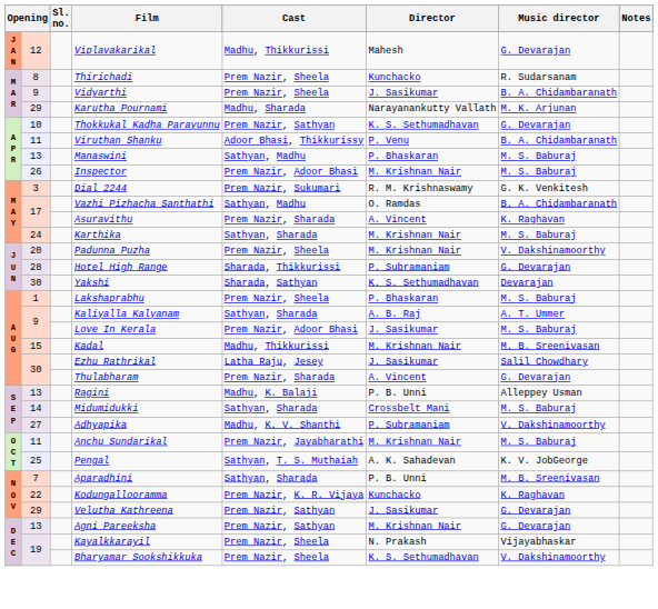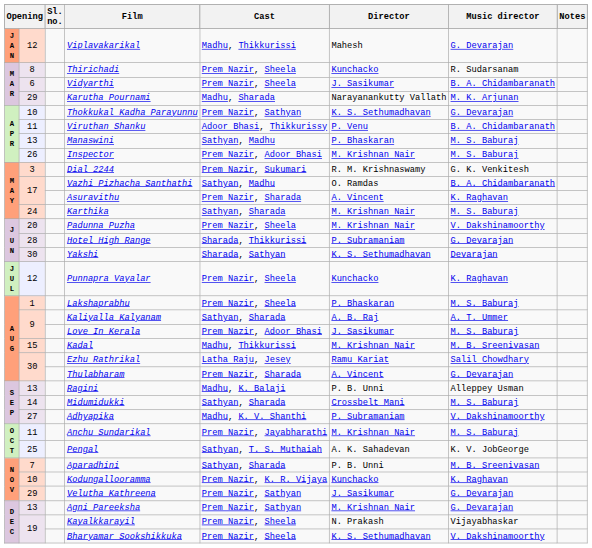 <table class="wikitable">
 <tr style="background:#000;">
 <th colspan='2'>Opening</th>
 <th>Sl.<br>no.</th>
 <th>Film</th>
 <th>Cast</th>
 <th>Director</th>
 <th>Music director</th>
 <th>Notes</th>
 </tr>
 <tr>
 <td rowspan="1" style="text-align:center; background:#ffa07a; textcolor:#000;"><small><strong>J<br>A<br>N</strong></small></td>
 <td rowspan="1"  style="text-align:center; background:#ffdacc; textcolor:#000;">12</td>
 <td valign="center"></td>
 <td><em><a href='#'>Viplavakarikal</a></em></td>
 <td><a href='#'>Madhu</a>, <a href='#'>Thikkurissi</a></td>
 <td>Mahesh</td>
 <td><a href='#'>G. Devarajan</a></td>
 <td></td>
 </tr>
 <tr>
 <td rowspan="3" style="text-align:center; background:#dcc7df; textcolor:#000;"><small><strong>M<br>A<br>R</strong></small></td>
 <td rowspan="1"  style="text-align:center; background:#ede3ef; textcolor:#000;">8</td>
 <td valign="center"></td>
 <td><em><a href='#'>Thirichadi</a></em></td>
 <td><a href='#'>Prem Nazir</a>, <a href='#'>Sheela</a></td>
 <td><a href='#'>Kunchacko</a></td>
 <td>R. Sudarsanam</td>
 <td></td>
 </tr>
 <tr>
-<td rowspan="1"  style="text-align:center; background:#ede3ef; textcolor:#000;">9</td>
+<td rowspan="1"  style="text-align:center; background:#ede3ef; textcolor:#000;">6</td>
 <td valign="center"></td>
 <td><em><a href='#'>Vidyarthi</a></em></td>
 <td><a href='#'>Prem Nazir</a>, <a href='#'>Sheela</a></td>
 <td><a href='#'>J. Sasikumar</a></td>
 <td><a href='#'>B. A. Chidambaranath</a></td>
 <td></td>
 </tr>
 <tr>
 <td rowspan="1"  style="text-align:center; background:#ede3ef; textcolor:#000;">29</td>
 <td valign="center"></td>
 <td><em><a href='#'>Karutha Pournami</a></em></td>
 <td><a href='#'>Madhu</a>, <a href='#'>Sharada</a></td>
 <td>Narayanankutty Vallath</td>
 <td><a href='#'>M. K. Arjunan</a></td>
 <td></td>
 </tr>
 <tr>
 <td rowspan="4" style="text-align:center; background:#d0f0c0; textcolor:#000;"><small><strong>A<br>P<br>R</strong></small></td>
 <td rowspan="1"  style="text-align:center; background:#edefff; textcolor:#000;">10</td>
 <td valign="center"></td>
 <td><em><a href='#'>Thokkukal Kadha Parayunnu</a></em></td>
 <td><a href='#'>Prem Nazir</a>, <a href='#'>Sathyan</a></td>
 <td><a href='#'>K. S. Sethumadhavan</a></td>
 <td><a href='#'>G. Devarajan</a></td>
 <td></td>
 </tr>
 <tr>
 <td rowspan="1"  style="text-align:center; background:#edefff; textcolor:#000;">11</td>
 <td valign="center"></td>
 <td><em><a href='#'>Viruthan Shanku</a></em></td>
 <td><a href='#'>Adoor Bhasi</a>, <a href='#'>Thikkurissy</a></td>
 <td><a href='#'>P. Venu</a></td>
 <td><a href='#'>B. A. Chidambaranath</a></td>
 <td></td>
 </tr>
 <tr>
 <td rowspan="1"  style="text-align:center; background:#edefff; textcolor:#000;">13</td>
 <td valign="center"></td>
 <td><em><a href='#'>Manaswini</a></em></td>
 <td><a href='#'>Sathyan</a>, <a href='#'>Madhu</a></td>
 <td><a href='#'>P. Bhaskaran</a></td>
 <td><a href='#'>M. S. Baburaj</a></td>
 <td></td>
 </tr>
 <tr>
 <td rowspan="1"  style="text-align:center; background:#edefff; textcolor:#000;">26</td>
 <td valign="center"></td>
 <td><em><a href='#'>Inspector</a></em></td>
 <td><a href='#'>Prem Nazir</a>, <a href='#'>Adoor Bhasi</a></td>
 <td><a href='#'>M. Krishnan Nair</a></td>
 <td><a href='#'>M. S. Baburaj</a></td>
 <td></td>
 </tr>
 <tr>
 <td rowspan="4" style="text-align:center; background:#ffa07a; textcolor:#000;"><small><strong>M<br>A<br>Y</strong></small></td>
 <td rowspan="1"  style="text-align:center; background:#ffdacc; textcolor:#000;">3</td>
 <td valign="center"></td>
 <td><em><a href='#'>Dial 2244</a></em></td>
 <td><a href='#'>Prem Nazir</a>, <a href='#'>Sukumari</a></td>
 <td>R. M. Krishnaswamy</td>
 <td>G. K. Venkitesh</td>
 <td></td>
 </tr>
 <tr>
 <td rowspan="2"  style="text-align:center; background:#ffdacc; textcolor:#000;">17</td>
 <td valign="center"></td>
 <td><em><a href='#'>Vazhi Pizhacha Santhathi</a></em></td>
 <td><a href='#'>Sathyan</a>, <a href='#'>Madhu</a></td>
 <td>O. Ramdas</td>
 <td><a href='#'>B. A. Chidambaranath</a></td>
 <td></td>
 </tr>
 <tr>
 <td valign="center"></td>
 <td><em><a href='#'>Asuravithu</a></em></td>
 <td><a href='#'>Prem Nazir</a>, <a href='#'>Sharada</a></td>
 <td><a href='#'>A. Vincent</a></td>
 <td><a href='#'>K. Raghavan</a></td>
 <td></td>
 </tr>
 <tr>
 <td rowspan="1"  style="text-align:center; background:#ffdacc; textcolor:#000;">24</td>
 <td valign="center"></td>
 <td><em><a href='#'>Karthika</a></em></td>
 <td><a href='#'>Sathyan</a>, <a href='#'>Sharada</a></td>
 <td><a href='#'>M. Krishnan Nair</a></td>
 <td><a href='#'>M. S. Baburaj</a></td>
 <td></td>
 </tr>
 <tr>
 <td rowspan="3" style="text-align:center; background:#dcc7df; textcolor:#000;"><small><strong>J<br>U<br>N</strong></small></td>
 <td rowspan="1"  style="text-align:center; background:#ede3ef; textcolor:#000;">20</td>
 <td valign="center"></td>
 <td><em><a href='#'>Padunna Puzha</a></em></td>
 <td><a href='#'>Prem Nazir</a>, <a href='#'>Sheela</a></td>
 <td><a href='#'>M. Krishnan Nair</a></td>
 <td><a href='#'>V. Dakshinamoorthy</a></td>
 <td></td>
 </tr>
 <tr>
 <td rowspan="1"  style="text-align:center; background:#ede3ef; textcolor:#000;">28</td>
 <td valign="center"></td>
 <td><em><a href='#'>Hotel High Range</a></em></td>
 <td><a href='#'>Sharada</a>, <a href='#'>Thikkurissi</a></td>
 <td><a href='#'>P. Subramaniam</a></td>
 <td><a href='#'>G. Devarajan</a></td>
 <td></td>
 </tr>
 <tr>
 <td rowspan="1"  style="text-align:center; background:#ede3ef; textcolor:#000;">30</td>
 <td valign="center"></td>
 <td><em><a href='#'>Yakshi</a></em></td>
 <td><a href='#'>Sharada</a>, <a href='#'>Sathyan</a></td>
 <td><a href='#'>K. S. Sethumadhavan</a></td>
 <td><a href='#'>Devarajan</a></td>
 <td></td>
 </tr>
 <tr>
+<td rowspan="1" style="text-align:center; background:#d0f0c0; textcolor:#000;"><small><strong>J<br>U<br>L</strong></small></td>
+<td rowspan="1"  style="text-align:center; background:#edefff; textcolor:#000;">12</td>
+<td valign="center"></td>
+<td><em><a href='#'>Punnapra Vayalar</a></em></td>
+<td><a href='#'>Prem Nazir</a>, <a href='#'>Sheela</a></td>
+<td><a href='#'>Kunchacko</a></td>
+<td><a href='#'>K. Raghavan</a></td>
+<td></td>
+</tr>
+<tr>
 <td rowspan="6" style="text-align:center; background:#ffa07a; textcolor:#000;"><small><strong>A<br>U<br>G</strong></small></td>
 <td rowspan="1"  style="text-align:center; background:#ffdacc; textcolor:#000;">1</td>
 <td valign="center"></td>
 <td><em><a href='#'>Lakshaprabhu</a></em></td>
 <td><a href='#'>Prem Nazir</a>, <a href='#'>Sheela</a></td>
 <td><a href='#'>P. Bhaskaran</a></td>
 <td><a href='#'>M. S. Baburaj</a></td>
 <td></td>
 </tr>
 <tr>
 <td rowspan="2"  style="text-align:center; background:#ffdacc; textcolor:#000;">9</td>
 <td valign="center"></td>
 <td><em><a href='#'>Kaliyalla Kalyanam</a></em></td>
 <td><a href='#'>Sathyan</a>, <a href='#'>Sharada</a></td>
 <td><a href='#'>A. B. Raj</a></td>
 <td><a href='#'>A. T. Ummer</a></td>
 <td></td>
 </tr>
 <tr>
 <td valign="center"></td>
 <td><em><a href='#'>Love In Kerala</a></em></td>
 <td><a href='#'>Prem Nazir</a>, <a href='#'>Adoor Bhasi</a></td>
 <td><a href='#'>J. Sasikumar</a></td>
 <td><a href='#'>M. S. Baburaj</a></td>
 <td></td>
 </tr>
 <tr>
 <td rowspan="1"  style="text-align:center; background:#ffdacc; textcolor:#000;">15</td>
 <td valign="center"></td>
 <td><em><a href='#'>Kadal</a></em></td>
 <td><a href='#'>Madhu</a>, <a href='#'>Thikkurissi</a></td>
 <td><a href='#'>M. Krishnan Nair</a></td>
 <td><a href='#'>M. B. Sreenivasan</a></td>
 <td></td>
 </tr>
 <tr>
 <td rowspan="2"  style="text-align:center; background:#ffdacc; textcolor:#000;">30</td>
 <td valign="center"></td>
 <td><em><a href='#'>Ezhu Rathrikal</a></em></td>
 <td><a href='#'>Latha Raju</a>, <a href='#'>Jesey</a></td>
-<td><a href='#'>J. Sasikumar</a></td>
+<td><a href='#'>Ramu Kariat</a></td>
 <td><a href='#'>Salil Chowdhary</a></td>
 <td></td>
 </tr>
 <tr>
 <td valign="center"></td>
 <td><em><a href='#'>Thulabharam</a></em></td>
 <td><a href='#'>Prem Nazir</a>, <a href='#'>Sharada</a></td>
 <td><a href='#'>A. Vincent</a></td>
 <td><a href='#'>G. Devarajan</a></td>
 <td></td>
 </tr>
 <tr>
 <td rowspan="3" style="text-align:center; background:#dcc7df; textcolor:#000;"><small><strong>S<br>E<br>P</strong></small></td>
 <td rowspan="1"  style="text-align:center; background:#ede3ef; textcolor:#000;">13</td>
 <td valign="center"></td>
 <td><em><a href='#'>Ragini</a></em></td>
 <td><a href='#'>Madhu</a>, <a href='#'>K. Balaji</a></td>
 <td>P. B. Unni</td>
 <td>Alleppey Usman</td>
 <td></td>
 </tr>
 <tr>
 <td rowspan="1"  style="text-align:center; background:#ede3ef; textcolor:#000;">14</td>
 <td valign="center"></td>
 <td><em><a href='#'>Midumidukki</a></em></td>
 <td><a href='#'>Sathyan</a>, <a href='#'>Sharada</a></td>
 <td><a href='#'>Crossbelt Mani</a></td>
 <td><a href='#'>M. S. Baburaj</a></td>
 <td></td>
 </tr>
 <tr>
 <td rowspan="1"  style="text-align:center; background:#ede3ef; textcolor:#000;">27</td>
 <td valign="center"></td>
 <td><em><a href='#'>Adhyapika</a></em></td>
 <td><a href='#'>Madhu</a>, <a href='#'>K. V. Shanthi</a></td>
 <td><a href='#'>P. Subramaniam</a></td>
 <td><a href='#'>V. Dakshinamoorthy</a></td>
 <td></td>
 </tr>
 <tr>
 <td rowspan="2" style="text-align:center; background:#d0f0c0; textcolor:#000;"><small><strong>O<br>C<br>T</strong></small></td>
 <td rowspan="1"  style="text-align:center; background:#edefff; textcolor:#000;">11</td>
 <td valign="center"></td>
 <td><em><a href='#'>Anchu Sundarikal</a></em></td>
 <td><a href='#'>Prem Nazir</a>, <a href='#'>Jayabharathi</a></td>
 <td><a href='#'>M. Krishnan Nair</a></td>
 <td><a href='#'>M. S. Baburaj</a></td>
 <td></td>
 </tr>
 <tr>
 <td rowspan="1"  style="text-align:center; background:#edefff; textcolor:#000;">25</td>
 <td valign="center"></td>
 <td><em><a href='#'>Pengal</a></em></td>
 <td><a href='#'>Sathyan</a>, <a href='#'>T. S. Muthaiah</a></td>
 <td>A. K. Sahadevan</td>
 <td>K. V. JobGeorge</td>
 <td></td>
 </tr>
 <tr>
 <td rowspan="3" style="text-align:center; background:#ffa07a; textcolor:#000;"><small><strong>N<br>O<br>V</strong></small></td>
 <td rowspan="1"  style="text-align:center; background:#ffdacc; textcolor:#000;">7</td>
 <td valign="center"></td>
 <td><em><a href='#'>Aparadhini</a></em></td>
 <td><a href='#'>Sathyan</a>, <a href='#'>Sharada</a></td>
 <td>P. B. Unni</td>
 <td><a href='#'>M. B. Sreenivasan</a></td>
 <td></td>
 </tr>
 <tr>
-<td rowspan="1"  style="text-align:center; background:#ffdacc; textcolor:#000;">22</td>
+<td rowspan="1"  style="text-align:center; background:#ffdacc; textcolor:#000;">10</td>
 <td valign="center"></td>
 <td><em><a href='#'>Kodungallooramma</a></em></td>
 <td><a href='#'>Prem Nazir</a>, <a href='#'>K. R. Vijaya</a></td>
 <td><a href='#'>Kunchacko</a></td>
 <td><a href='#'>K. Raghavan</a></td>
 <td></td>
 </tr>
 <tr>
 <td rowspan="1"  style="text-align:center; background:#ffdacc; textcolor:#000;">29</td>
 <td valign="center"></td>
 <td><em><a href='#'>Velutha Kathreena</a></em></td>
 <td><a href='#'>Prem Nazir</a>, <a href='#'>Sathyan</a></td>
 <td><a href='#'>J. Sasikumar</a></td>
 <td><a href='#'>G. Devarajan</a></td>
 <td></td>
 </tr>
 <tr>
 <td rowspan="3" style="text-align:center; background:#dcc7df; textcolor:#000;"><small><strong>D<br>E<br>C</strong></small></td>
 <td rowspan="1"  style="text-align:center; background:#ede3ef; textcolor:#000;">13</td>
 <td valign="center"></td>
 <td><em><a href='#'>Agni Pareeksha</a></em></td>
 <td><a href='#'>Prem Nazir</a>, <a href='#'>Sathyan</a></td>
 <td><a href='#'>M. Krishnan Nair</a></td>
 <td><a href='#'>G. Devarajan</a></td>
 <td></td>
 </tr>
 <tr>
 <td rowspan="2"  style="text-align:center; background:#ede3ef; textcolor:#000;">19</td>
 <td valign="center"></td>
 <td><em><a href='#'>Kayalkkarayil</a></em></td>
 <td><a href='#'>Prem Nazir</a>, <a href='#'>Sheela</a></td>
 <td>N. Prakash</td>
 <td>Vijayabhaskar</td>
 <td></td>
 </tr>
 <tr>
 <td valign="center"></td>
 <td><em><a href='#'>Bharyamar Sookshikkuka</a></em></td>
 <td><a href='#'>Prem Nazir</a>, <a href='#'>Sheela</a></td>
 <td><a href='#'>K. S. Sethumadhavan</a></td>
 <td><a href='#'>V. Dakshinamoorthy</a></td>
 <td></td>
 </tr>
 </table>
